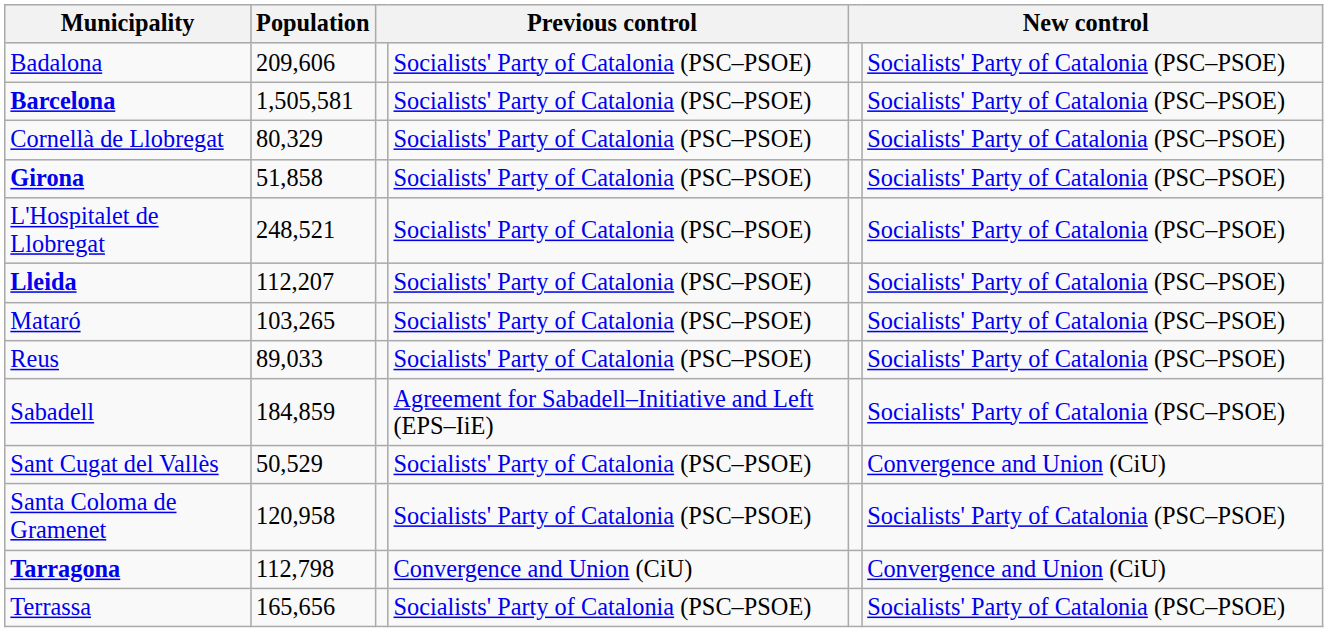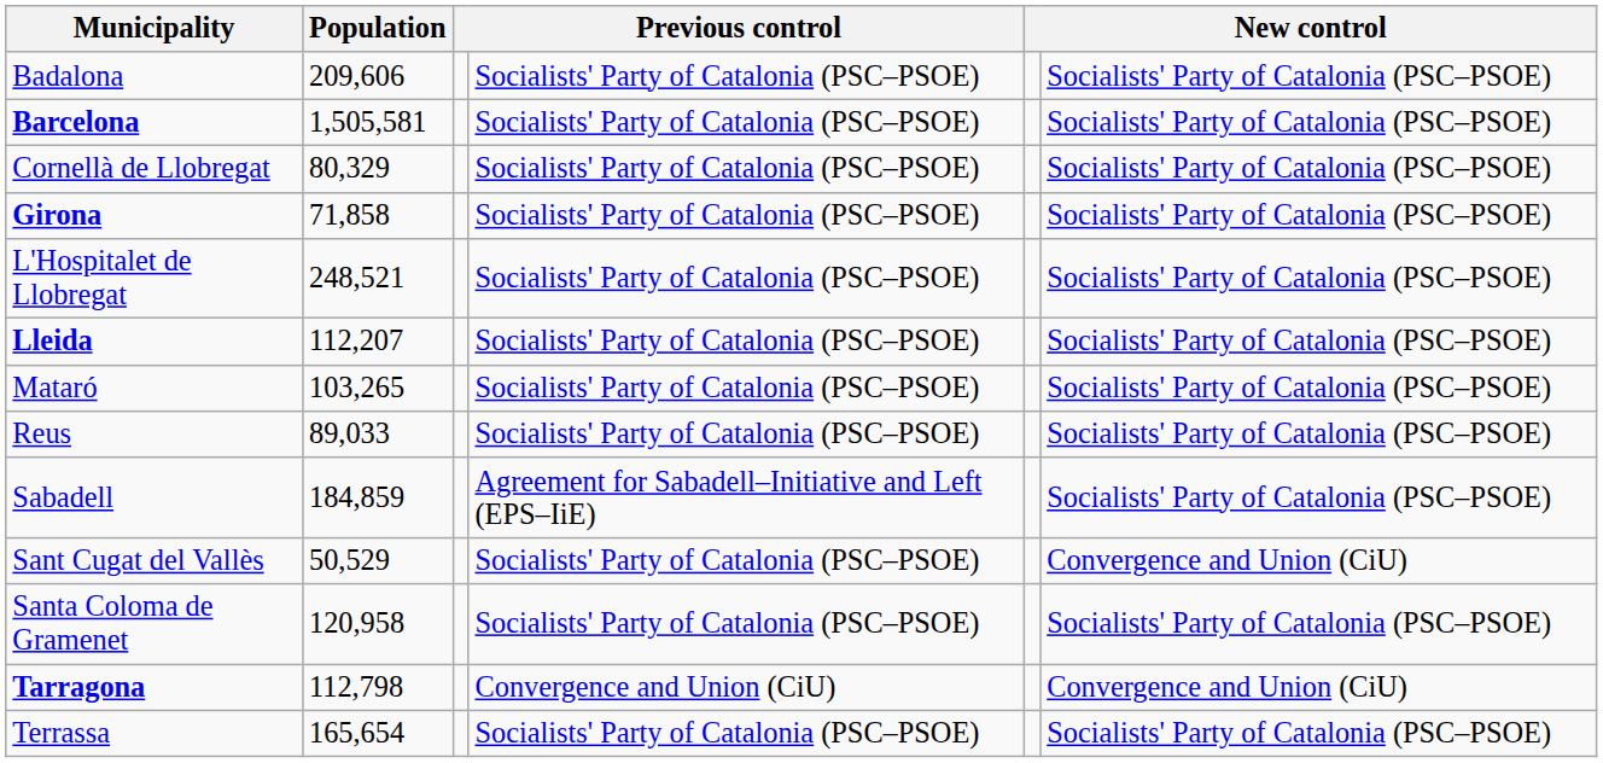 <table class="wikitable sortable">
 <tr>
 <th>Municipality</th>
 <th>Population</th>
 <th colspan="2" style="width:375px;">Previous control</th>
 <th colspan="2" style="width:375px;">New control</th>
 </tr>
 <tr>
 <td><a href='#'>Badalona</a></td>
 <td>209,606</td>
 <td width="1" style="color:inherit;background:"></td>
 <td><a href='#'>Socialists' Party of Catalonia</a> (PSC–PSOE)</td>
 <td width="1" style="color:inherit;background:"></td>
 <td><a href='#'>Socialists' Party of Catalonia</a> (PSC–PSOE)</td>
 </tr>
 <tr>
 <td><strong><a href='#'>Barcelona</a></strong></td>
 <td>1,505,581</td>
 <td style="color:inherit;background:"></td>
 <td><a href='#'>Socialists' Party of Catalonia</a> (PSC–PSOE)</td>
 <td style="color:inherit;background:"></td>
 <td><a href='#'>Socialists' Party of Catalonia</a> (PSC–PSOE)</td>
 </tr>
 <tr>
 <td><a href='#'>Cornellà de Llobregat</a></td>
 <td>80,329</td>
 <td style="color:inherit;background:"></td>
 <td><a href='#'>Socialists' Party of Catalonia</a> (PSC–PSOE)</td>
 <td style="color:inherit;background:"></td>
 <td><a href='#'>Socialists' Party of Catalonia</a> (PSC–PSOE)</td>
 </tr>
 <tr>
 <td><strong><a href='#'>Girona</a></strong></td>
-<td>51,858</td>
+<td>71,858</td>
 <td style="color:inherit;background:"></td>
 <td><a href='#'>Socialists' Party of Catalonia</a> (PSC–PSOE)</td>
 <td style="color:inherit;background:"></td>
 <td><a href='#'>Socialists' Party of Catalonia</a> (PSC–PSOE)</td>
 </tr>
 <tr>
 <td><a href='#'>L'Hospitalet de Llobregat</a></td>
 <td>248,521</td>
 <td style="color:inherit;background:"></td>
 <td><a href='#'>Socialists' Party of Catalonia</a> (PSC–PSOE)</td>
 <td style="color:inherit;background:"></td>
 <td><a href='#'>Socialists' Party of Catalonia</a> (PSC–PSOE)</td>
 </tr>
 <tr>
 <td><strong><a href='#'>Lleida</a></strong></td>
 <td>112,207</td>
 <td style="color:inherit;background:"></td>
 <td><a href='#'>Socialists' Party of Catalonia</a> (PSC–PSOE)</td>
 <td style="color:inherit;background:"></td>
 <td><a href='#'>Socialists' Party of Catalonia</a> (PSC–PSOE)</td>
 </tr>
 <tr>
 <td><a href='#'>Mataró</a></td>
 <td>103,265</td>
 <td style="color:inherit;background:"></td>
 <td><a href='#'>Socialists' Party of Catalonia</a> (PSC–PSOE)</td>
 <td style="color:inherit;background:"></td>
 <td><a href='#'>Socialists' Party of Catalonia</a> (PSC–PSOE)</td>
 </tr>
 <tr>
 <td><a href='#'>Reus</a></td>
 <td>89,033</td>
 <td style="color:inherit;background:"></td>
 <td><a href='#'>Socialists' Party of Catalonia</a> (PSC–PSOE)</td>
 <td style="color:inherit;background:"></td>
 <td><a href='#'>Socialists' Party of Catalonia</a> (PSC–PSOE)</td>
 </tr>
 <tr>
 <td><a href='#'>Sabadell</a></td>
 <td>184,859</td>
 <td style="color:inherit;background:"></td>
 <td><a href='#'>Agreement for Sabadell–Initiative and Left</a> (EPS–IiE)</td>
 <td style="color:inherit;background:"></td>
 <td><a href='#'>Socialists' Party of Catalonia</a> (PSC–PSOE)</td>
 </tr>
 <tr>
 <td><a href='#'>Sant Cugat del Vallès</a></td>
 <td>50,529</td>
 <td style="color:inherit;background:"></td>
 <td><a href='#'>Socialists' Party of Catalonia</a> (PSC–PSOE)</td>
 <td style="color:inherit;background:"></td>
 <td><a href='#'>Convergence and Union</a> (CiU)</td>
 </tr>
 <tr>
 <td><a href='#'>Santa Coloma de Gramenet</a></td>
 <td>120,958</td>
 <td style="color:inherit;background:"></td>
 <td><a href='#'>Socialists' Party of Catalonia</a> (PSC–PSOE)</td>
 <td style="color:inherit;background:"></td>
 <td><a href='#'>Socialists' Party of Catalonia</a> (PSC–PSOE)</td>
 </tr>
 <tr>
 <td><strong><a href='#'>Tarragona</a></strong></td>
 <td>112,798</td>
 <td style="color:inherit;background:"></td>
 <td><a href='#'>Convergence and Union</a> (CiU)</td>
 <td style="color:inherit;background:"></td>
 <td><a href='#'>Convergence and Union</a> (CiU)</td>
 </tr>
 <tr>
 <td><a href='#'>Terrassa</a></td>
-<td>165,656</td>
+<td>165,654</td>
 <td style="color:inherit;background:"></td>
 <td><a href='#'>Socialists' Party of Catalonia</a> (PSC–PSOE)</td>
 <td style="color:inherit;background:"></td>
 <td><a href='#'>Socialists' Party of Catalonia</a> (PSC–PSOE)</td>
 </tr>
 </table>
